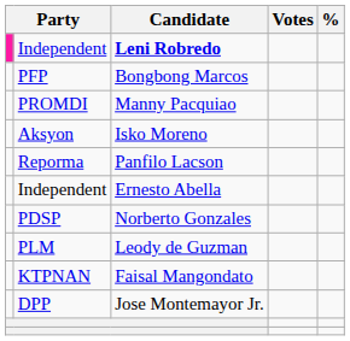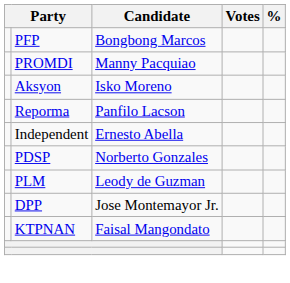 <table class="wikitable">
 <tr>
 <th colspan="2">Party</th>
 <th>Candidate</th>
 <th>Votes</th>
 <th>%</th>
-</tr>
-<tr>
-<td style="background:#FE18A3;"></td>
-<td><a href='#'>Independent</a></td>
-<td><strong><a href='#'>Leni Robredo</a></strong></td>
-<td><strong></strong></td>
-<td><strong></strong></td>
 </tr>
 <tr>
 <td style="background:"></td>
 <td><a href='#'>PFP</a></td>
 <td><a href='#'>Bongbong Marcos</a></td>
 <td></td>
 <td></td>
 </tr>
 <tr>
 <td style="background:"></td>
 <td><a href='#'>PROMDI</a></td>
 <td><a href='#'>Manny Pacquiao</a></td>
 <td></td>
 <td></td>
 </tr>
 <tr>
 <td style="background:"></td>
 <td><a href='#'>Aksyon</a></td>
 <td><a href='#'>Isko Moreno</a></td>
 <td></td>
 <td></td>
 </tr>
 <tr>
 <td style="background:"></td>
 <td><a href='#'>Reporma</a></td>
 <td><a href='#'>Panfilo Lacson</a></td>
 <td></td>
 <td></td>
 </tr>
 <tr>
 <td style="background:"></td>
 <td>Independent</td>
 <td><a href='#'>Ernesto Abella</a></td>
 <td></td>
 <td></td>
 </tr>
 <tr>
 <td style="background:"></td>
 <td><a href='#'>PDSP</a></td>
 <td><a href='#'>Norberto Gonzales</a></td>
 <td></td>
 <td></td>
 </tr>
 <tr>
 <td style="background:"></td>
 <td><a href='#'>PLM</a></td>
 <td><a href='#'>Leody de Guzman</a></td>
 <td></td>
 <td></td>
 </tr>
 <tr>
 <td style="background:"></td>
-<td><a href='#'>KTPNAN</a></td>
-<td><a href='#'>Faisal Mangondato</a></td>
+<td><a href='#'>DPP</a></td>
+<td>Jose Montemayor Jr.</td>
 <td></td>
 <td></td>
 </tr>
 <tr>
 <td style="background:"></td>
-<td><a href='#'>DPP</a></td>
-<td>Jose Montemayor Jr.</td>
+<td><a href='#'>KTPNAN</a></td>
+<td><a href='#'>Faisal Mangondato</a></td>
 <td></td>
 <td></td>
 </tr>
 <tr>
 <th colspan="3"></th>
 <td></td>
 <td></td>
 </tr>
 <tr>
 <th colspan="3"></th>
 <td></td>
 <td></td>
 </tr>
 </table>
